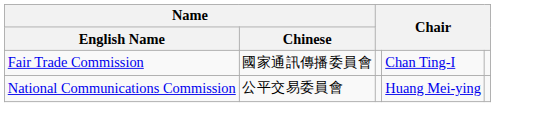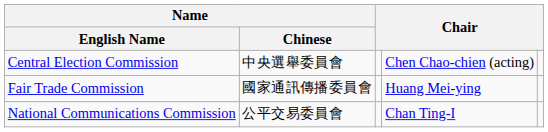 <table class="wikitable sortable">
 <tr>
 <th colspan="2">Name</th>
 <th colspan="3" rowspan="2">Chair</th>
 </tr>
 <tr>
 <th>English Name</th>
 <th>Chinese</th>
 </tr>
 <tr>
+<td><a href='#'>Central Election Commission</a></td>
+<td>中央選舉委員會</td>
+<td style="background:"></td>
+<td><a href='#'>Chen Chao-chien</a> (acting)</td>
+<td></td>
+</tr>
+<tr>
 <td><a href='#'>Fair Trade Commission</a></td>
 <td>國家通訊傳播委員會</td>
 <td style="background:"></td>
-<td><a href='#'>Chan Ting-I</a></td>
+<td><a href='#'>Huang Mei-ying</a></td>
 <td></td>
 </tr>
 <tr>
 <td><a href='#'>National Communications Commission</a></td>
 <td>公平交易委員會</td>
 <td style="background:"></td>
-<td><a href='#'>Huang Mei-ying</a></td>
+<td><a href='#'>Chan Ting-I</a></td>
 <td></td>
 </tr>
 </table>
